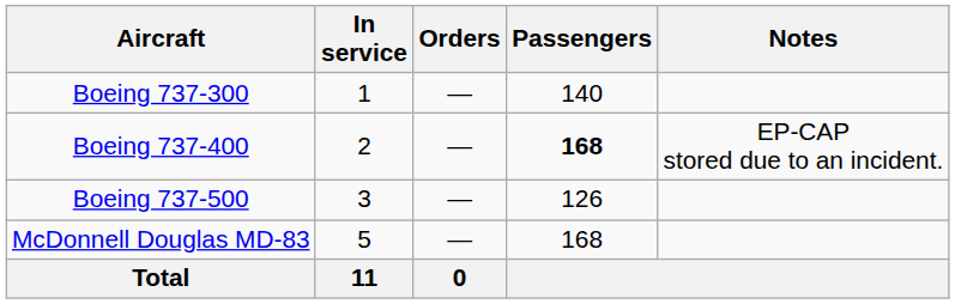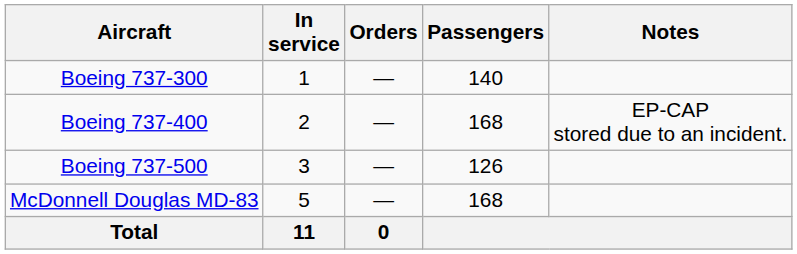 <table class="wikitable" style="text-align:center; margin:0.5em auto">
 <tr>
 <th>Aircraft</th>
 <th>In <br>service</th>
 <th>Orders</th>
 <th>Passengers</th>
 <th>Notes</th>
 </tr>
 <tr>
 <td><a href='#'>Boeing 737-300</a></td>
 <td>1</td>
 <td>—</td>
 <td>140</td>
 <td></td>
 </tr>
 <tr>
 <td><a href='#'>Boeing 737-400</a></td>
 <td>2</td>
 <td>—</td>
-<td><strong>168</strong></td>
+<td>168</td>
 <td>EP-CAP<br>stored due to an incident.</td>
 </tr>
 <tr>
 <td><a href='#'>Boeing 737-500</a></td>
 <td>3</td>
 <td>—</td>
 <td>126</td>
 <td></td>
 </tr>
 <tr>
 <td><a href='#'>McDonnell Douglas MD-83</a></td>
 <td>5</td>
 <td>—</td>
 <td>168</td>
 <td></td>
 </tr>
 <tr>
 <th>Total</th>
 <th>11</th>
 <th>0</th>
 <th colspan="2"></th>
 </tr>
 </table>
